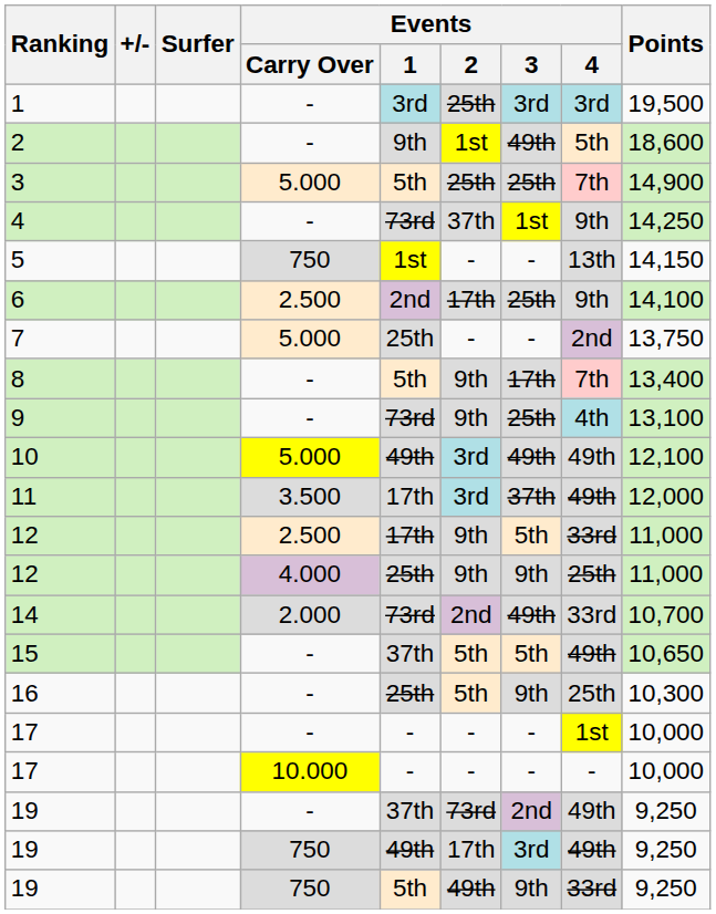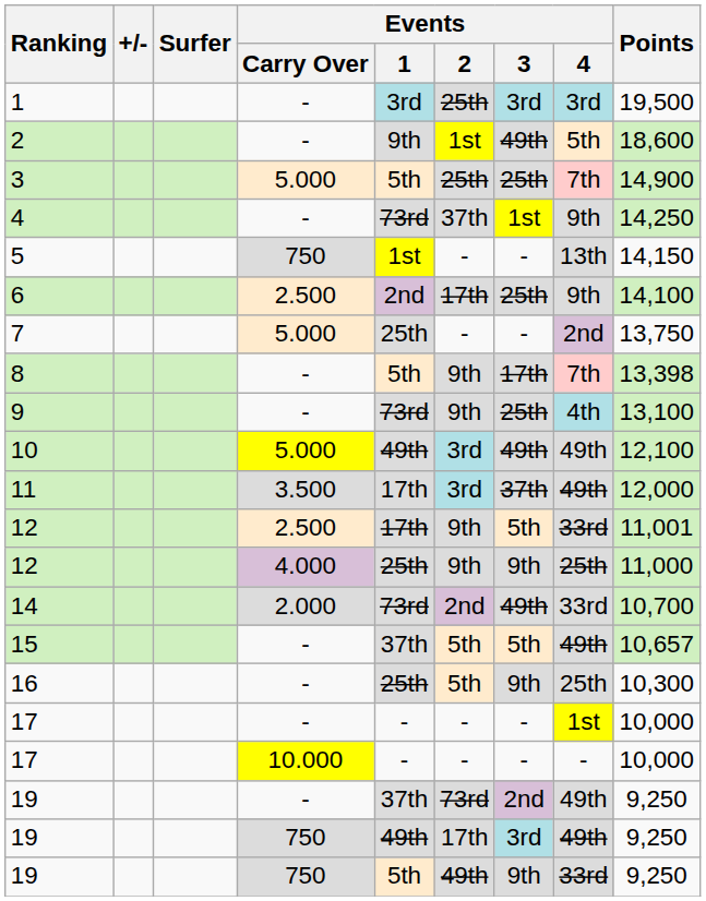 <table class="wikitable" style="text-align: center;">
 <tr>
 <th rowspan="2">Ranking</th>
 <th rowspan="2">+/-</th>
 <th rowspan="2">Surfer</th>
 <th colspan="5">Events</th>
 <th rowspan="2">Points</th>
 </tr>
 <tr>
 <th><span>Carry Over  </span></th>
 <th><span> 1</span></th>
 <th><span> 2</span></th>
 <th><span> 3</span></th>
 <th><span> 4</span></th>
 </tr>
 <tr>
 <td style="text-align:left">1</td>
 <td></td>
 <td style="text-align:left"></td>
 <td>-</td>
 <td style="background:#b0e0e6;">3rd</td>
 <td style="background:#dcdcdc;"><s>25th</s></td>
 <td style="background:#b0e0e6;">3rd</td>
 <td style="background:#b0e0e6;">3rd</td>
 <td style=>19,500</td>
 </tr>
 <tr>
 <td style="text-align:left; background:#d0f0c0;">2</td>
 <td style="background:#d0f0c0;"></td>
 <td style="text-align:left; background:#d0f0c0;"></td>
 <td>-</td>
 <td style="background:#dcdcdc;"><span>9th</span></td>
 <td style="background:yellow;">1st</td>
 <td style="background:#dcdcdc;"><s>49th</s></td>
 <td style="background:#ffebcd;"><span>5th</span></td>
 <td style="background:#d0f0c0;">18,600</td>
 </tr>
 <tr>
 <td style="text-align:left; background:#d0f0c0;">3</td>
 <td style="background:#d0f0c0;"></td>
 <td style="text-align:left; background:#d0f0c0;"></td>
 <td style="background:#ffebcd;"><span>5.000</span></td>
 <td style="background:#ffebcd;">5th</td>
 <td style="background:#dcdcdc;"><s>25th</s></td>
 <td style="background:#dcdcdc;"><s>25th</s></td>
 <td style="background:#fcc;">7th</td>
 <td style="background:#d0f0c0;">14,900</td>
 </tr>
 <tr>
 <td style="text-align:left; background:#d0f0c0;">4</td>
 <td style="background:#d0f0c0;"></td>
 <td style="text-align:left; background:#d0f0c0;"></td>
 <td>-</td>
 <td style="background:#dcdcdc;"><s>73rd</s></td>
 <td style="background:#dcdcdc;">37th</td>
 <td style="background:yellow;">1st</td>
 <td style="background:#dcdcdc;"><span>9th</span></td>
 <td style="background:#d0f0c0;">14,250</td>
 </tr>
 <tr>
 <td style="text-align:left">5</td>
 <td></td>
 <td style="text-align:left"></td>
 <td style="background:#dcdcdc;"><span>750</span></td>
 <td style="background:yellow;">1st</td>
 <td>-</td>
 <td>-</td>
 <td style="background:#dcdcdc;">13th</td>
 <td style=>14,150</td>
 </tr>
 <tr>
 <td style="text-align:left; background:#d0f0c0;">6</td>
 <td style="background:#d0f0c0;"></td>
 <td style="text-align:left; background:#d0f0c0;"></td>
 <td style="background:#ffebcd;"><span>2.500</span></td>
 <td style="background:thistle;">2nd</td>
 <td style="background:#dcdcdc;"><s>17th</s></td>
 <td style="background:#dcdcdc;"><s>25th</s></td>
 <td style="background:#dcdcdc;"><span>9th</span></td>
 <td style="background:#d0f0c0;">14,100</td>
 </tr>
 <tr>
 <td style="text-align:left">7</td>
 <td></td>
 <td style="text-align:left"></td>
 <td style="background:#ffebcd;"><span>5.000</span></td>
 <td style="background:#dcdcdc;">25th</td>
 <td>-</td>
 <td>-</td>
 <td style="background:thistle;">2nd</td>
 <td style=>13,750</td>
 </tr>
 <tr>
 <td style="text-align:left; background:#d0f0c0;">8</td>
 <td style="background:#d0f0c0;"></td>
 <td style="text-align:left; background:#d0f0c0;"></td>
 <td>-</td>
 <td style="background:#ffebcd;">5th</td>
 <td style="background:#dcdcdc;">9th</td>
 <td style="background:#dcdcdc;"><s>17th</s></td>
 <td style="background:#fcc;">7th</td>
-<td style="background:#d0f0c0;">13,400</td>
+<td style="background:#d0f0c0;">13,398</td>
 </tr>
 <tr>
 <td style="text-align:left; background:#d0f0c0;">9</td>
 <td style="background:#d0f0c0;"></td>
 <td style="text-align:left; background:#d0f0c0;"></td>
 <td>-</td>
 <td style="background:#dcdcdc;"><s>73rd</s></td>
 <td style="background:#dcdcdc;">9th</td>
 <td style="background:#dcdcdc;"><s>25th</s></td>
 <td style="background:#b0e0e6;">4th</td>
 <td style="background:#d0f0c0;">13,100</td>
 </tr>
 <tr>
 <td style="text-align:left; background:#d0f0c0;">10</td>
 <td style="background:#d0f0c0;"></td>
 <td style="text-align:left; background:#d0f0c0;"></td>
 <td style="background:yellow;"><span>5.000</span></td>
 <td style="background:#dcdcdc;"><s>49th</s></td>
 <td style="background:#b0e0e6;">3rd</td>
 <td style="background:#dcdcdc;"><s>49th</s></td>
 <td style="background:#dcdcdc;"><span>49th</span></td>
 <td style="background:#d0f0c0;">12,100</td>
 </tr>
 <tr>
 <td style="text-align:left; background:#d0f0c0;">11</td>
 <td style="background:#d0f0c0;"></td>
 <td style="text-align:left; background:#d0f0c0;"></td>
 <td style="background:#dcdcdc;"><span>3.500</span></td>
 <td style="background:#dcdcdc;">17th</td>
 <td style="background:#b0e0e6;">3rd</td>
 <td style="background:#dcdcdc;"><s>37th</s></td>
 <td style="background:#dcdcdc;"><span><s>49th</s></span></td>
 <td style="background:#d0f0c0;">12,000</td>
 </tr>
 <tr>
 <td style="text-align:left; background:#d0f0c0;">12</td>
 <td style="background:#d0f0c0;"></td>
 <td style="text-align:left; background:#d0f0c0;"></td>
 <td style="background:#ffebcd;"><span>2.500</span></td>
 <td style="background:#dcdcdc;"><s>17th</s></td>
 <td style="background:#dcdcdc;">9th</td>
 <td style="background:#ffebcd;">5th</td>
 <td style="background:#dcdcdc;"><span><s>33rd</s></span></td>
-<td style="background:#d0f0c0;">11,000</td>
+<td style="background:#d0f0c0;">11,001</td>
 </tr>
 <tr>
 <td style="text-align:left; background:#d0f0c0;">12</td>
 <td style="background:#d0f0c0;"></td>
 <td style="text-align:left; background:#d0f0c0;"></td>
 <td style="background:thistle;"><span>4.000</span></td>
 <td style="background:#dcdcdc;"><s>25th</s></td>
 <td style="background:#dcdcdc;">9th</td>
 <td style="background:#dcdcdc;">9th</td>
 <td style="background:#dcdcdc;"><span><s>25th</s></span></td>
 <td style="background:#d0f0c0;">11,000</td>
 </tr>
 <tr>
 <td style="text-align:left; background:#d0f0c0;">14</td>
 <td style="background:#d0f0c0;"></td>
 <td style="text-align:left; background:#d0f0c0;"></td>
 <td style="background:#dcdcdc;"><span>2.000</span></td>
 <td style="background:#dcdcdc;"><s>73rd</s></td>
 <td style="background:thistle;">2nd</td>
 <td style="background:#dcdcdc;"><s>49th</s></td>
 <td style="background:#dcdcdc;"><span>33rd</span></td>
 <td style="background:#d0f0c0;">10,700</td>
 </tr>
 <tr>
 <td style="text-align:left; background:#d0f0c0;">15</td>
 <td style="background:#d0f0c0;"></td>
 <td style="text-align:left; background:#d0f0c0;"></td>
 <td>-</td>
 <td style="background:#dcdcdc;">37th</td>
 <td style="background:#ffebcd;">5th</td>
 <td style="background:#ffebcd;">5th</td>
 <td style="background:#dcdcdc;"><span><s>49th</s></span></td>
-<td style="background:#d0f0c0;">10,650</td>
+<td style="background:#d0f0c0;">10,657</td>
 </tr>
 <tr>
 <td style=text-align:left>16</td>
 <td></td>
 <td style=text-align:left></td>
 <td>-</td>
 <td style="background:#dcdcdc;"><s>25th</s></td>
 <td style="background:#ffebcd;">5th</td>
 <td style="background:#dcdcdc;">9th</td>
 <td style="background:#dcdcdc;"><span>25th</span></td>
 <td>10,300</td>
 </tr>
 <tr>
 <td style=text-align:left>17</td>
 <td></td>
 <td style=text-align:left></td>
 <td>-</td>
 <td>-</td>
 <td>-</td>
 <td>-</td>
 <td style="background:yellow;">1st</td>
 <td>10,000</td>
 </tr>
 <tr>
 <td style=text-align:left>17</td>
 <td></td>
 <td style=text-align:left></td>
 <td style="background:yellow;"><span>10.000</span></td>
 <td>-</td>
 <td>-</td>
 <td>-</td>
 <td>-</td>
 <td>10,000</td>
 </tr>
 <tr>
 <td style=text-align:left>19</td>
 <td></td>
 <td style=text-align:left></td>
 <td>-</td>
 <td style="background:#dcdcdc;">37th</td>
 <td style="background:#dcdcdc;"><s>73rd</s></td>
 <td style="background:thistle;">2nd</td>
 <td style="background:#dcdcdc;"><span>49th</span></td>
 <td>9,250</td>
 </tr>
 <tr>
 <td style=text-align:left>19</td>
 <td></td>
 <td style=text-align:left></td>
 <td style="background:#dcdcdc;"><span>750</span></td>
 <td style="background:#dcdcdc;"><s>49th</s></td>
 <td style="background:#dcdcdc;">17th</td>
 <td style="background:#b0e0e6;">3rd</td>
 <td style="background:#dcdcdc;"><span><s>49th</s></span></td>
 <td>9,250</td>
 </tr>
 <tr>
 <td style=text-align:left>19</td>
 <td></td>
 <td style=text-align:left></td>
 <td style="background:#dcdcdc;"><span>750</span></td>
 <td style="background:#ffebcd;">5th</td>
 <td style="background:#dcdcdc;"><s>49th</s></td>
 <td style="background:#dcdcdc;">9th</td>
 <td style="background:#dcdcdc;"><span><s>33rd</s></span></td>
 <td>9,250</td>
 </tr>
 <tr>
 </tr>
 </table>
